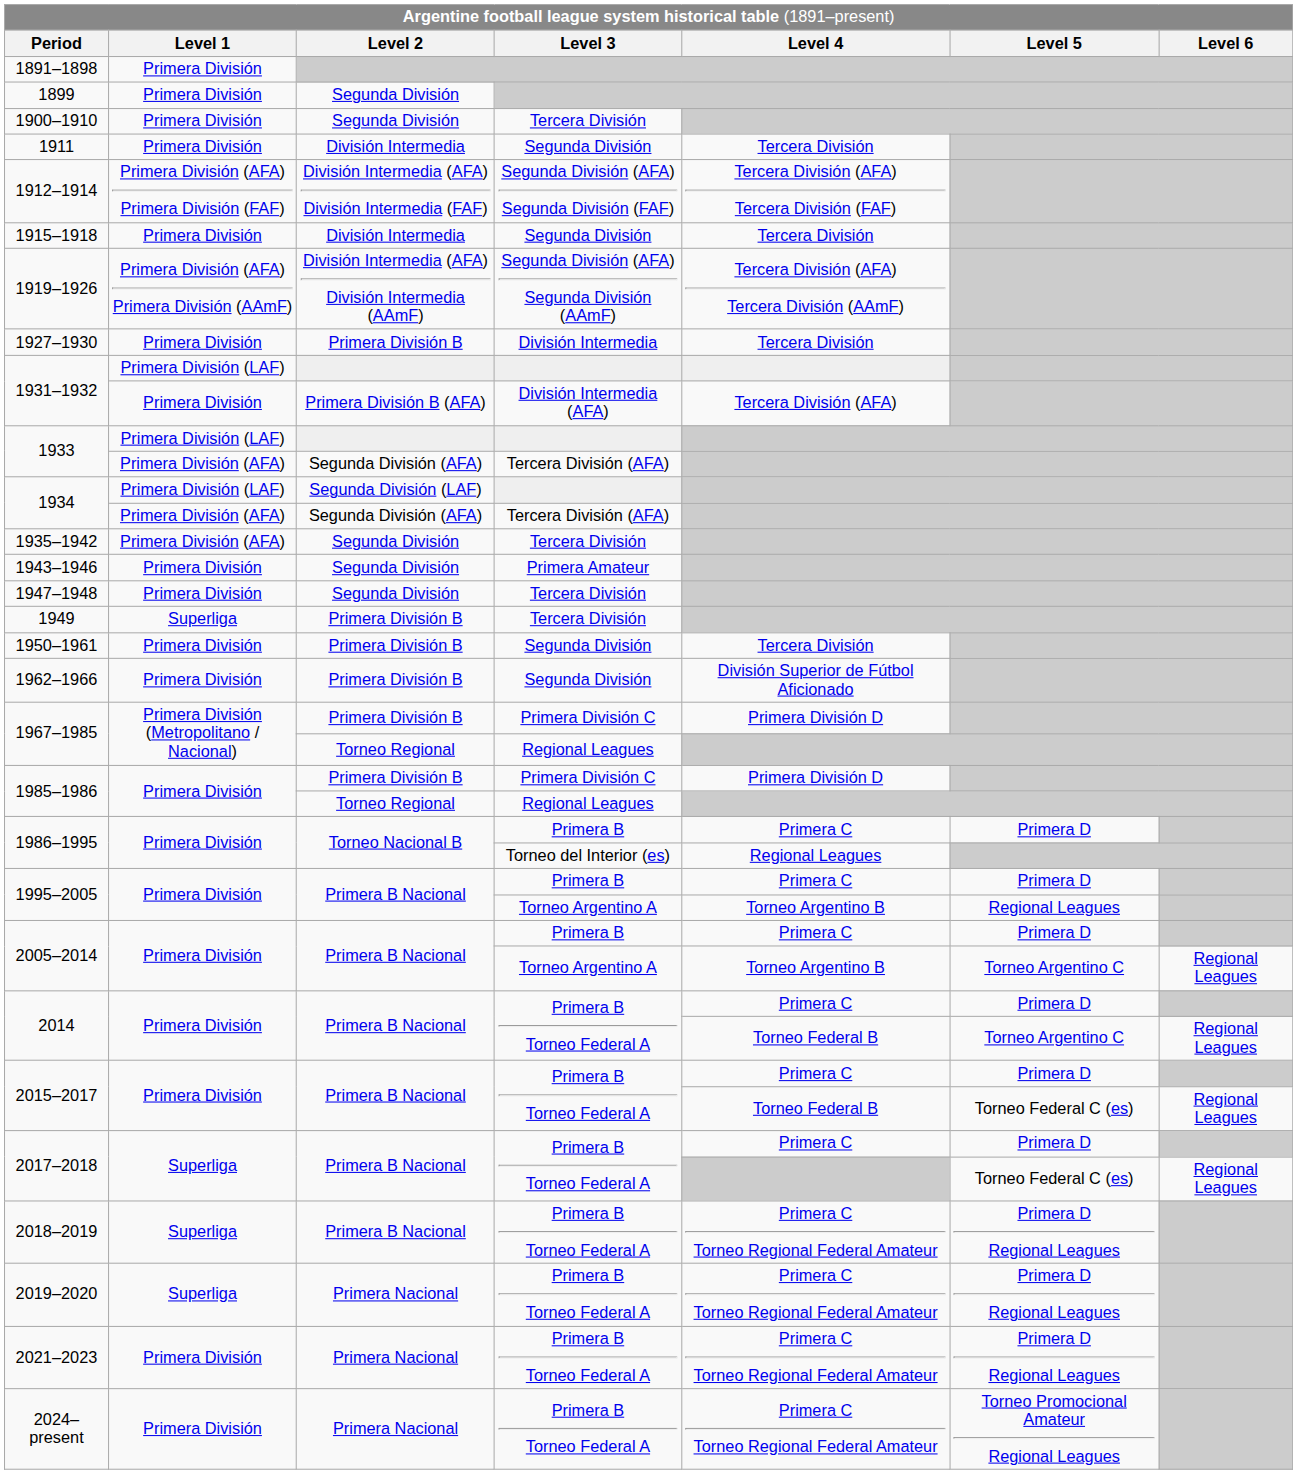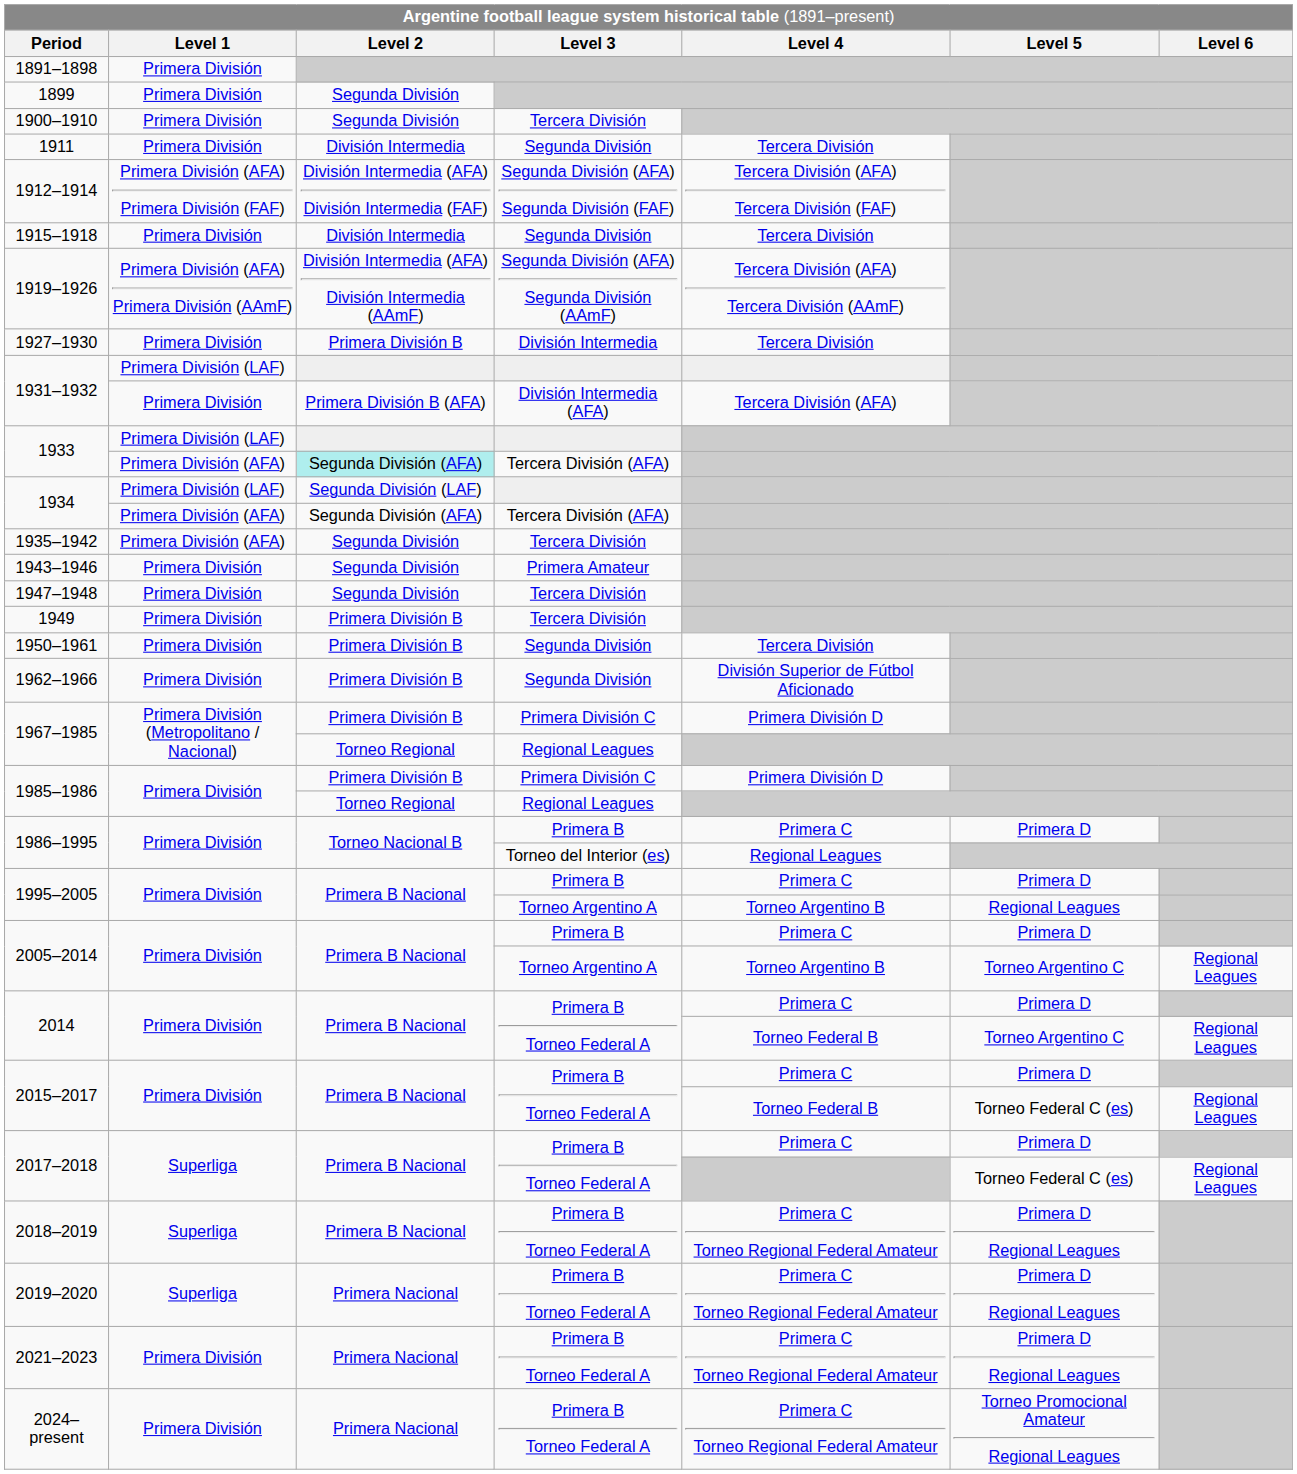 <table class="wikitable sortable" style="text-align:center; margin-right:auto; margin-left: left;">
 <tr>
 <td colspan="7" style="background:#888888; color:#ffffff"><strong>Argentine football league system historical table</strong> (1891–present)</td>
 </tr>
 <tr style="background:#dddddd;">
 <th>Period</th>
 <th>Level 1</th>
 <th>Level 2</th>
 <th>Level 3</th>
 <th>Level 4</th>
 <th>Level 5</th>
 <th>Level 6</th>
 </tr>
 <tr>
 <td>1891–1898</td>
 <td><a href='#'>Primera División</a></td>
 <td colspan="5" style="background:#cccccc;"></td>
 </tr>
 <tr>
 <td>1899</td>
 <td><a href='#'>Primera División</a></td>
 <td><a href='#'>Segunda División</a></td>
 <td colspan="4" style="background:#cccccc;"></td>
 </tr>
 <tr>
 <td>1900–1910</td>
 <td><a href='#'>Primera División</a></td>
 <td><a href='#'>Segunda División</a></td>
 <td><a href='#'>Tercera División</a></td>
 <td colspan="3" style="background:#cccccc;"></td>
 </tr>
 <tr>
 <td>1911</td>
 <td><a href='#'>Primera División</a></td>
 <td><a href='#'>División Intermedia</a></td>
 <td><a href='#'>Segunda División</a></td>
 <td><a href='#'>Tercera División</a></td>
 <td colspan="2" style="background:#cccccc;"></td>
 </tr>
 <tr>
 <td>1912–1914</td>
 <td><a href='#'>Primera División</a> (<a href='#'>AFA</a>)<br><hr><a href='#'>Primera División</a> (<a href='#'>FAF</a>)</td>
 <td><a href='#'>División Intermedia</a> (<a href='#'>AFA</a>)<br><hr><a href='#'>División Intermedia</a> (<a href='#'>FAF</a>)</td>
 <td><a href='#'>Segunda División</a> (<a href='#'>AFA</a>)<br><hr><a href='#'>Segunda División</a> (<a href='#'>FAF</a>)</td>
 <td><a href='#'>Tercera División</a> (<a href='#'>AFA</a>)<br><hr><a href='#'>Tercera División</a> (<a href='#'>FAF</a>)</td>
 <td colspan=2 style="background:#cccccc;"></td>
 </tr>
 <tr>
 <td>1915–1918</td>
 <td><a href='#'>Primera División</a></td>
 <td><a href='#'>División Intermedia</a></td>
 <td><a href='#'>Segunda División</a></td>
 <td><a href='#'>Tercera División</a></td>
 <td colspan=2 style="background:#cccccc;"></td>
 </tr>
 <tr>
 <td>1919–1926</td>
 <td><a href='#'>Primera División</a> (<a href='#'>AFA</a>)<hr><a href='#'>Primera División</a> (<a href='#'>AAmF</a>)</td>
 <td><a href='#'>División Intermedia</a> (<a href='#'>AFA</a>)<hr><a href='#'>División Intermedia</a> (<a href='#'>AAmF</a>)</td>
 <td><a href='#'>Segunda División</a> (<a href='#'>AFA</a>)<hr><a href='#'>Segunda División</a> (<a href='#'>AAmF</a>)</td>
 <td><a href='#'>Tercera División</a> (<a href='#'>AFA</a>)<hr><a href='#'>Tercera División</a> (<a href='#'>AAmF</a>)</td>
 <td colspan="2" style="background:#cccccc; "></td>
 </tr>
 <tr>
 <td>1927–1930</td>
 <td><a href='#'>Primera División</a></td>
 <td><a href='#'>Primera División B</a></td>
 <td><a href='#'>División Intermedia</a></td>
 <td><a href='#'>Tercera División</a></td>
 <td colspan=2 style="background:#cccccc;"></td>
 </tr>
 <tr>
 <td rowspan=2>1931–1932</td>
 <td><a href='#'>Primera División</a> (<a href='#'>LAF</a>)</td>
 <td style=background:#efefef></td>
 <td style=background:#efefef></td>
 <td style=background:#efefef></td>
 <td colspan=3 style="background:#cccccc;"></td>
 </tr>
 <tr>
 <td><a href='#'>Primera División</a></td>
 <td><a href='#'>Primera División B</a> (<a href='#'>AFA</a>)</td>
 <td><a href='#'>División Intermedia</a> (<a href='#'>AFA</a>)</td>
 <td><a href='#'>Tercera División</a> (<a href='#'>AFA</a>)</td>
 <td colspan=2 style=background:#cccccc></td>
 </tr>
 <tr>
 <td rowspan=2>1933</td>
 <td><a href='#'>Primera División</a> (<a href='#'>LAF</a>)</td>
 <td style=background:#efefef></td>
 <td style=background:#efefef></td>
 <td colspan=4 style="background:#cccccc;"></td>
 </tr>
 <tr>
 <td><a href='#'>Primera División</a> (<a href='#'>AFA</a>)</td>
-<td>Segunda División (<a href='#'>AFA</a>)</td>
+<td style="background: paleturquoise;">Segunda División (<a href='#'>AFA</a>)</td>
 <td>Tercera División (<a href='#'>AFA</a>)</td>
 <td colspan=4 style="background:#cccccc;"></td>
 </tr>
 <tr>
 <td rowspan=2>1934</td>
 <td><a href='#'>Primera División</a> (<a href='#'>LAF</a>)</td>
 <td><a href='#'>Segunda División</a> (<a href='#'>LAF</a>)</td>
 <td style=background:#efefef></td>
 <td colspan=3 style="background:#cccccc;"></td>
 </tr>
 <tr>
 <td><a href='#'>Primera División</a> (<a href='#'>AFA</a>)</td>
 <td>Segunda División (<a href='#'>AFA</a>)</td>
 <td>Tercera División (<a href='#'>AFA</a>)</td>
 <td colspan=3 style="background:#cccccc;"></td>
 </tr>
 <tr>
 <td>1935–1942</td>
 <td><a href='#'>Primera División</a> (<a href='#'>AFA</a>)</td>
 <td><a href='#'>Segunda División</a></td>
 <td><a href='#'>Tercera División</a></td>
 <td colspan=3 style="background:#cccccc;"></td>
 </tr>
 <tr>
 <td>1943–1946</td>
 <td><a href='#'>Primera División</a></td>
 <td><a href='#'>Segunda División</a></td>
 <td><a href='#'>Primera Amateur</a></td>
 <td colspan=3 style="background:#cccccc;"></td>
 </tr>
 <tr>
 <td>1947–1948</td>
 <td><a href='#'>Primera División</a></td>
 <td><a href='#'>Segunda División</a></td>
 <td><a href='#'>Tercera División</a></td>
 <td colspan=3 style="background:#cccccc;"></td>
 </tr>
 <tr>
 <td>1949</td>
-<td><a href='#'>Superliga</a></td>
+<td><a href='#'>Primera División</a></td>
 <td><a href='#'>Primera División B</a></td>
 <td><a href='#'>Tercera División</a></td>
 <td colspan=3 style="background:#cccccc;"></td>
 </tr>
 <tr>
 <td>1950–1961</td>
 <td><a href='#'>Primera División</a></td>
 <td><a href='#'>Primera División B</a></td>
 <td><a href='#'>Segunda División</a></td>
 <td><a href='#'>Tercera División</a></td>
 <td colspan=3 style="background:#cccccc;"></td>
 </tr>
 <tr>
 <td>1962–1966</td>
 <td><a href='#'>Primera División</a></td>
 <td><a href='#'>Primera División B</a></td>
 <td><a href='#'>Segunda División</a></td>
 <td><a href='#'>División Superior de Fútbol Aficionado</a></td>
 <td colspan=3 style="background:#cccccc;"></td>
 </tr>
 <tr>
 <td rowspan=2>1967–1985</td>
 <td rowspan="2"><a href='#'>Primera División</a> <br> (<a href='#'>Metropolitano</a> / <a href='#'>Nacional</a>)</td>
 <td><a href='#'>Primera División B</a></td>
 <td><a href='#'>Primera División C</a></td>
 <td><a href='#'>Primera División D</a></td>
 <td colspan=2 style="background:#cccccc;"></td>
 </tr>
 <tr>
 <td><a href='#'>Torneo Regional</a></td>
 <td><a href='#'>Regional Leagues</a></td>
 <td colspan=3 style="background:#cccccc;"></td>
 </tr>
 <tr>
 <td rowspan=2>1985–1986</td>
 <td rowspan="2"><a href='#'>Primera División</a></td>
 <td><a href='#'>Primera División B</a></td>
 <td><a href='#'>Primera División C</a></td>
 <td><a href='#'>Primera División D</a></td>
 <td colspan=3 style="background:#cccccc;"></td>
 </tr>
 <tr>
 <td><a href='#'>Torneo Regional</a></td>
 <td><a href='#'>Regional Leagues</a></td>
 <td colspan=3 style="background:#cccccc;"></td>
 </tr>
 <tr>
 <td rowspan=2>1986–1995</td>
 <td rowspan="2"><a href='#'>Primera División</a></td>
 <td rowspan=2><a href='#'>Torneo Nacional B</a></td>
 <td><a href='#'>Primera B</a></td>
 <td><a href='#'>Primera C</a></td>
 <td><a href='#'>Primera D</a></td>
 <td colspan=2 style="background:#cccccc;"></td>
 </tr>
 <tr>
 <td>Torneo del Interior (<a href='#'>es</a>)</td>
 <td><a href='#'>Regional Leagues</a></td>
 <td colspan=2 style="background:#cccccc";></td>
 </tr>
 <tr>
 <td rowspan=2>1995–2005</td>
 <td rowspan=2><a href='#'>Primera División</a></td>
 <td rowspan=2><a href='#'>Primera B Nacional</a></td>
 <td><a href='#'>Primera B</a></td>
 <td><a href='#'>Primera C</a></td>
 <td><a href='#'>Primera D</a></td>
 <td style="background:#cccccc";></td>
 </tr>
 <tr>
 <td><a href='#'>Torneo Argentino A</a></td>
 <td><a href='#'>Torneo Argentino B</a></td>
 <td><a href='#'>Regional Leagues</a></td>
 <td style="background:#cccccc";></td>
 </tr>
 <tr>
 <td rowspan=2>2005–2014</td>
 <td rowspan="2"><a href='#'>Primera División</a></td>
 <td rowspan=2><a href='#'>Primera B Nacional</a></td>
 <td><a href='#'>Primera B</a></td>
 <td><a href='#'>Primera C</a></td>
 <td><a href='#'>Primera D</a></td>
 <td style=background:#cccccc></td>
 </tr>
 <tr>
 <td><a href='#'>Torneo Argentino A</a></td>
 <td><a href='#'>Torneo Argentino B</a></td>
 <td><a href='#'>Torneo Argentino C</a></td>
 <td><a href='#'>Regional Leagues</a></td>
 </tr>
 <tr>
 <td rowspan=2>2014</td>
 <td rowspan=2><a href='#'>Primera División</a></td>
 <td rowspan=2><a href='#'>Primera B Nacional</a></td>
 <td rowspan="2"><a href='#'>Primera B</a><hr><a href='#'>Torneo Federal A</a></td>
 <td><a href='#'>Primera C</a></td>
 <td><a href='#'>Primera D</a></td>
 <td style=background:#cccccc></td>
 </tr>
 <tr>
 <td><a href='#'>Torneo Federal B</a></td>
 <td><a href='#'>Torneo Argentino C</a></td>
 <td><a href='#'>Regional Leagues</a></td>
 </tr>
 <tr>
 <td rowspan=2>2015–2017</td>
 <td rowspan="2"><a href='#'>Primera División</a></td>
 <td rowspan=2><a href='#'>Primera B Nacional</a></td>
 <td rowspan="2"><a href='#'>Primera B</a><hr><a href='#'>Torneo Federal A</a></td>
 <td><a href='#'>Primera C</a></td>
 <td><a href='#'>Primera D</a></td>
 <td style=background:#cccccc></td>
 </tr>
 <tr>
 <td><a href='#'>Torneo Federal B</a></td>
 <td>Torneo Federal C (<a href='#'>es</a>)</td>
 <td><a href='#'>Regional Leagues</a></td>
 </tr>
 <tr>
 <td rowspan=2>2017–2018</td>
 <td rowspan="2"><a href='#'>Superliga</a></td>
 <td rowspan=2><a href='#'>Primera B Nacional</a></td>
 <td rowspan="2"><a href='#'>Primera B</a><hr><a href='#'>Torneo Federal A</a></td>
 <td><a href='#'>Primera C</a></td>
 <td><a href='#'>Primera D</a></td>
 <td style=background:#cccccc></td>
 </tr>
 <tr>
 <td style="background:#cccccc; "></td>
 <td>Torneo Federal C (<a href='#'>es</a>)</td>
 <td><a href='#'>Regional Leagues</a></td>
 </tr>
 <tr>
 <td>2018–2019</td>
 <td><a href='#'>Superliga</a></td>
 <td><a href='#'>Primera B Nacional</a></td>
 <td><a href='#'>Primera B</a><hr><a href='#'>Torneo Federal A</a></td>
 <td><a href='#'>Primera C</a><hr> <a href='#'>Torneo Regional Federal Amateur</a></td>
 <td><a href='#'>Primera D</a><hr><a href='#'>Regional Leagues</a></td>
 <td style="background:#cccccc; "></td>
 </tr>
 <tr>
 <td>2019–2020</td>
 <td><a href='#'>Superliga</a></td>
 <td><a href='#'>Primera Nacional</a></td>
 <td><a href='#'>Primera B</a><hr><a href='#'>Torneo Federal A</a></td>
 <td><a href='#'>Primera C</a><hr> <a href='#'>Torneo Regional Federal Amateur</a></td>
 <td><a href='#'>Primera D</a><hr><a href='#'>Regional Leagues</a></td>
 <td style="background:#cccccc; "></td>
 </tr>
 <tr>
 <td>2021–2023</td>
 <td><a href='#'>Primera División</a></td>
 <td><a href='#'>Primera Nacional</a></td>
 <td><a href='#'>Primera B</a><hr><a href='#'>Torneo Federal A</a></td>
 <td><a href='#'>Primera C</a><hr> <a href='#'>Torneo Regional Federal Amateur</a></td>
 <td><a href='#'>Primera D</a><hr><a href='#'>Regional Leagues</a></td>
 <td style="background:#cccccc; "></td>
 </tr>
 <tr>
 <td>2024–present</td>
 <td><a href='#'>Primera División</a></td>
 <td><a href='#'>Primera Nacional</a></td>
 <td><a href='#'>Primera B</a><hr><a href='#'>Torneo Federal A</a></td>
 <td><a href='#'>Primera C</a><hr> <a href='#'>Torneo Regional Federal Amateur</a></td>
 <td><a href='#'>Torneo Promocional Amateur</a><hr><a href='#'>Regional Leagues</a></td>
 <td style="background:#cccccc; "></td>
 </tr>
 </table>
